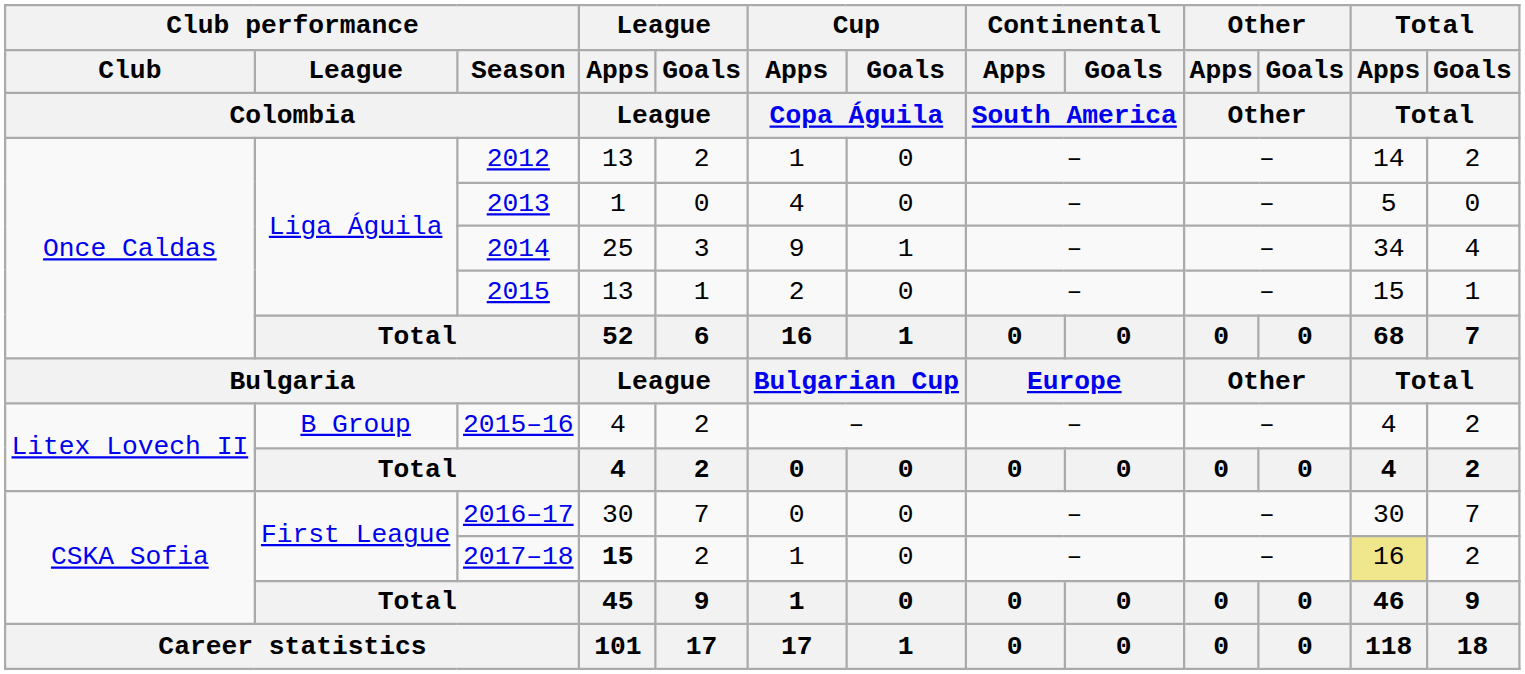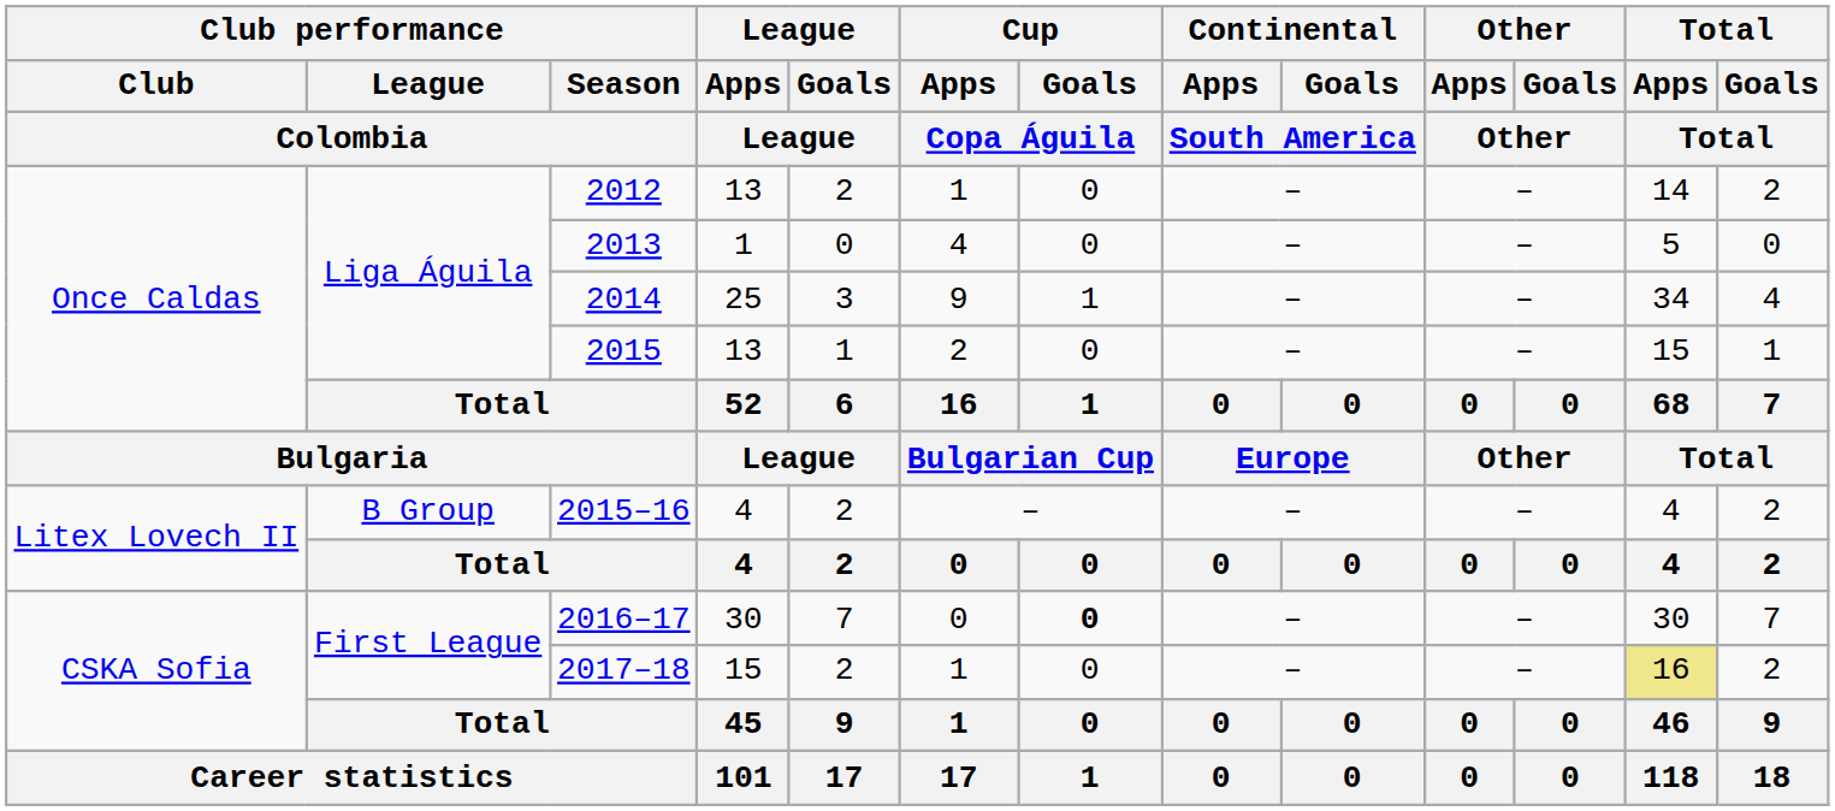 <table class="wikitable" style="font-size:90%; text-align: center">
 <tr>
 <th Colspan="3">Club performance</th>
 <th Colspan="2">League</th>
 <th Colspan="2">Cup</th>
 <th Colspan="2">Continental</th>
 <th Colspan="2">Other</th>
 <th Colspan="3">Total</th>
 </tr>
 <tr>
 <th>Club</th>
 <th>League</th>
 <th>Season</th>
 <th>Apps</th>
 <th>Goals</th>
 <th>Apps</th>
 <th>Goals</th>
 <th>Apps</th>
 <th>Goals</th>
 <th>Apps</th>
 <th>Goals</th>
 <th>Apps</th>
 <th>Goals</th>
 </tr>
 <tr>
 <th Colspan="3">Colombia</th>
 <th Colspan="2">League</th>
 <th Colspan="2"><a href='#'>Copa Águila</a></th>
 <th Colspan="2"><a href='#'>South America</a></th>
 <th Colspan="2">Other</th>
 <th Colspan="2">Total</th>
 </tr>
 <tr>
 <td rowspan=5><a href='#'>Once Caldas</a></td>
 <td rowspan="4"><a href='#'>Liga Águila</a></td>
 <td><a href='#'>2012</a></td>
 <td>13</td>
 <td>2</td>
 <td>1</td>
 <td>0</td>
 <td colspan="2">–</td>
 <td colspan="2">–</td>
 <td>14</td>
 <td>2</td>
 </tr>
 <tr>
 <td><a href='#'>2013</a></td>
 <td>1</td>
 <td>0</td>
 <td>4</td>
 <td>0</td>
 <td colspan="2">–</td>
 <td colspan="2">–</td>
 <td>5</td>
 <td>0</td>
 </tr>
 <tr>
 <td><a href='#'>2014</a></td>
 <td>25</td>
 <td>3</td>
 <td>9</td>
 <td>1</td>
 <td colspan="2">–</td>
 <td colspan="2">–</td>
 <td>34</td>
 <td>4</td>
 </tr>
 <tr>
 <td><a href='#'>2015</a></td>
 <td>13</td>
 <td>1</td>
 <td>2</td>
 <td>0</td>
 <td colspan="2">–</td>
 <td colspan="2">–</td>
 <td>15</td>
 <td>1</td>
 </tr>
 <tr>
 <th colspan=2>Total</th>
 <th>52</th>
 <th>6</th>
 <th>16</th>
 <th>1</th>
 <th>0</th>
 <th>0</th>
 <th>0</th>
 <th>0</th>
 <th>68</th>
 <th>7</th>
 </tr>
 <tr>
 <th Colspan="3">Bulgaria</th>
 <th Colspan="2">League</th>
 <th Colspan="2"><a href='#'>Bulgarian Cup</a></th>
 <th Colspan="2"><a href='#'>Europe</a></th>
 <th Colspan="2">Other</th>
 <th Colspan="2">Total</th>
 </tr>
 <tr>
 <td rowspan=2><a href='#'>Litex Lovech II</a></td>
 <td rowspan="1"><a href='#'>B Group</a></td>
 <td><a href='#'>2015–16</a></td>
 <td>4</td>
 <td>2</td>
 <td colspan="2">–</td>
 <td colspan="2">–</td>
 <td colspan="2">–</td>
 <td>4</td>
 <td>2</td>
 </tr>
 <tr>
 <th colspan=2>Total</th>
 <th>4</th>
 <th>2</th>
 <th>0</th>
 <th>0</th>
 <th>0</th>
 <th>0</th>
 <th>0</th>
 <th>0</th>
 <th>4</th>
 <th>2</th>
 </tr>
 <tr>
 <td rowspan=3><a href='#'>CSKA Sofia</a></td>
 <td rowspan="2"><a href='#'>First League</a></td>
 <td><a href='#'>2016–17</a></td>
 <td>30</td>
 <td>7</td>
 <td>0</td>
-<td>0</td>
+<td><strong>0</strong></td>
 <td colspan="2">–</td>
 <td colspan="2">–</td>
 <td>30</td>
 <td>7</td>
 </tr>
 <tr>
 <td><a href='#'>2017–18</a></td>
-<td><strong>15</strong></td>
+<td>15</td>
 <td>2</td>
 <td>1</td>
 <td>0</td>
 <td colspan="2">–</td>
 <td colspan="2">–</td>
 <td style="background: khaki;">16</td>
 <td>2</td>
 </tr>
 <tr>
 <th colspan=2>Total</th>
 <th>45</th>
 <th>9</th>
 <th>1</th>
 <th>0</th>
 <th>0</th>
 <th>0</th>
 <th>0</th>
 <th>0</th>
 <th>46</th>
 <th>9</th>
 </tr>
 <tr>
 <th colspan="3">Career statistics</th>
 <th>101</th>
 <th>17</th>
 <th>17</th>
 <th>1</th>
 <th>0</th>
 <th>0</th>
 <th>0</th>
 <th>0</th>
 <th>118</th>
 <th>18</th>
 </tr>
 </table>
